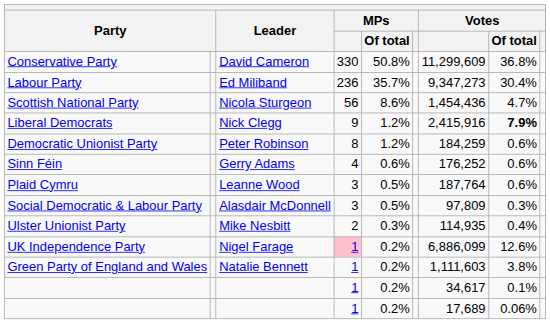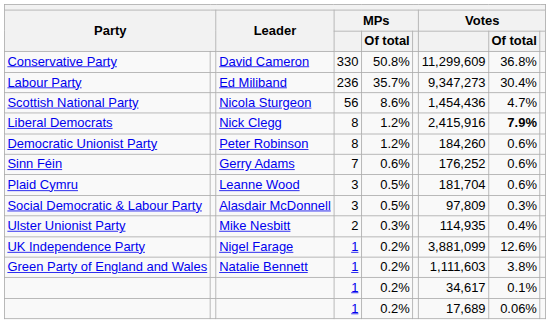 <table class="wikitable sortable" style="text-align:right;">
 <tr>
 <th colspan="9"></th>
 </tr>
 <tr>
 <th colspan=2 rowspan=2>Party</th>
 <th rowspan=2>Leader</th>
 <th colspan=3>MPs</th>
 <th colspan=3>Votes</th>
 </tr>
 <tr>
 <th></th>
 <th>Of total</th>
 <th class="unsortable"></th>
 <th></th>
 <th>Of total</th>
 <th class="unsortable"></th>
 </tr>
 <tr>
 <td style="text-align:left;"><a href='#'>Conservative Party</a></td>
 <td style="color:inherit;background:"></td>
 <td style="text-align:left;"><a href='#'>David Cameron</a></td>
 <td>330</td>
 <td>50.8%</td>
 <td data-sort-value=""></td>
 <td>11,299,609</td>
 <td>36.8%</td>
 <td></td>
 </tr>
 <tr>
 <td style="text-align:left;"><a href='#'>Labour Party</a></td>
 <td style="color:inherit;background:"></td>
 <td style="text-align:left;"><a href='#'>Ed Miliband</a></td>
 <td>236</td>
 <td>35.7%</td>
 <td data-sort-value=""></td>
 <td>9,347,273</td>
 <td>30.4%</td>
 <td></td>
 </tr>
 <tr>
 <td style="text-align:left;"><a href='#'>Scottish National Party</a></td>
 <td style="color:inherit;background:"></td>
 <td style="text-align:left;"><a href='#'>Nicola Sturgeon</a></td>
 <td>56</td>
 <td>8.6%</td>
 <td data-sort-value=""></td>
 <td>1,454,436</td>
 <td>4.7%</td>
 <td></td>
 </tr>
 <tr>
 <td style="text-align:left;"><a href='#'>Liberal Democrats</a></td>
 <td style="color:inherit;background:"></td>
 <td style="text-align:left;"><a href='#'>Nick Clegg</a></td>
-<td>9</td>
+<td>8</td>
 <td>1.2%</td>
 <td data-sort-value=""></td>
 <td>2,415,916</td>
 <td><strong>7.9%</strong></td>
 <td></td>
 </tr>
 <tr>
 <td style="text-align:left;"><a href='#'>Democratic Unionist Party</a></td>
 <td style="color:inherit;background:"></td>
 <td style="text-align:left;"><a href='#'>Peter Robinson</a></td>
 <td>8</td>
 <td>1.2%</td>
 <td data-sort-value=""></td>
-<td>184,259</td>
+<td>184,260</td>
 <td>0.6%</td>
 <td></td>
 </tr>
 <tr>
 <td style="text-align:left;"><a href='#'>Sinn Féin</a></td>
 <td style="color:inherit;background:"></td>
 <td style="text-align:left;"><a href='#'>Gerry Adams</a></td>
-<td>4</td>
+<td>7</td>
 <td>0.6%</td>
 <td data-sort-value=""></td>
 <td>176,252</td>
 <td>0.6%</td>
 <td></td>
 </tr>
 <tr>
 <td style="text-align:left;"><a href='#'>Plaid Cymru</a></td>
 <td style="color:inherit;background:"></td>
 <td style="text-align:left;"><a href='#'>Leanne Wood</a></td>
 <td>3</td>
 <td>0.5%</td>
 <td data-sort-value=""></td>
-<td>187,764</td>
+<td>181,704</td>
 <td>0.6%</td>
 <td></td>
 </tr>
 <tr>
 <td style="text-align:left;"><a href='#'>Social Democratic & Labour Party</a></td>
 <td style="color:inherit;background:"></td>
 <td style="text-align:left;"><a href='#'>Alasdair McDonnell</a></td>
 <td>3</td>
 <td>0.5%</td>
 <td data-sort-value=""></td>
 <td>97,809</td>
 <td>0.3%</td>
 <td></td>
 </tr>
 <tr>
 <td style="text-align:left;"><a href='#'>Ulster Unionist Party</a></td>
 <td style="color:inherit;background:"></td>
 <td style="text-align:left;"><a href='#'>Mike Nesbitt</a></td>
 <td>2</td>
 <td>0.3%</td>
 <td data-sort-value=""></td>
 <td>114,935</td>
 <td>0.4%</td>
 <td></td>
 </tr>
 <tr>
 <td style="text-align:left;"><a href='#'>UK Independence Party</a></td>
 <td style="color:inherit;background:"></td>
 <td style="text-align:left;"><a href='#'>Nigel Farage</a></td>
-<td style="background: pink;"><a href='#'>1</a></td>
+<td><a href='#'>1</a></td>
 <td>0.2%</td>
 <td data-sort-value=""></td>
-<td>6,886,099</td>
+<td>3,881,099</td>
 <td>12.6%</td>
 <td></td>
 </tr>
 <tr>
 <td style="text-align:left;"><a href='#'>Green Party of England and Wales</a></td>
 <td style="color:inherit;background:"></td>
 <td style="text-align:left;"><a href='#'>Natalie Bennett</a></td>
 <td><a href='#'>1</a></td>
 <td>0.2%</td>
 <td data-sort-value=""></td>
 <td>1,111,603</td>
 <td>3.8%</td>
 <td></td>
 </tr>
 <tr>
 <td></td>
 <td style="color:inherit;background:"></td>
 <td style="text-align:left;"></td>
 <td><a href='#'>1</a></td>
 <td>0.2%</td>
 <td data-sort-value=""></td>
 <td>34,617</td>
 <td>0.1%</td>
 <td></td>
 </tr>
 <tr>
 <td></td>
 <td style="color:inherit;background:"></td>
 <td style="text-align:left;"></td>
 <td><a href='#'>1</a></td>
 <td>0.2%</td>
 <td data-sort-value=""></td>
 <td>17,689</td>
 <td>0.06%</td>
 <td></td>
 </tr>
 </table>
